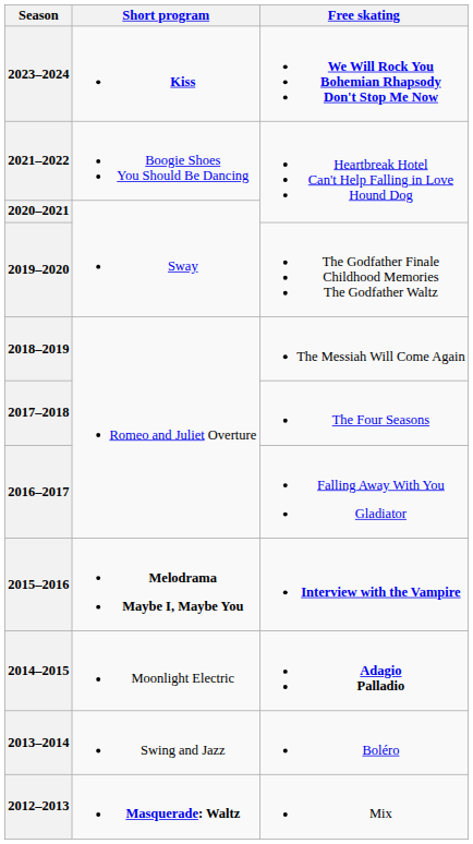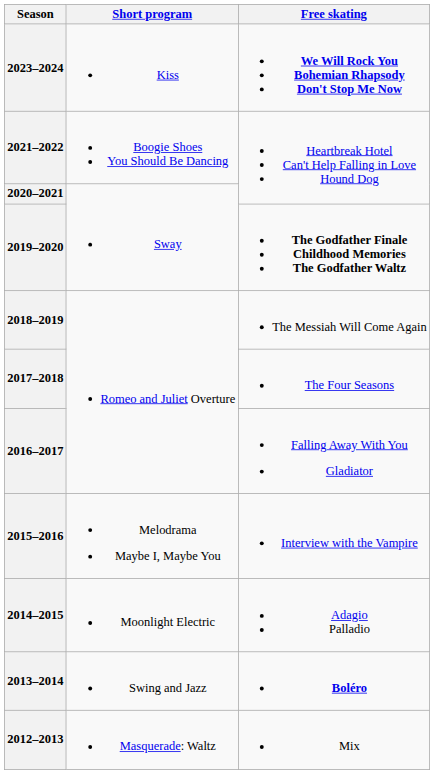 <table class=wikitable style=text-align:center>
 <tr>
 <th>Season</th>
 <th><a href='#'>Short program</a></th>
 <th><a href='#'>Free skating</a></th>
 </tr>
 <tr>
 <th>2023–2024 <br> </th>
-<td><strong><br><ul><li><a href='#'>Kiss</a> <br></li></ul></strong></td>
+<td><br><ul><li><a href='#'>Kiss</a> <br></li></ul></td>
 <td><strong><br><ul><li><a href='#'>We Will Rock You</a></li><li><a href='#'>Bohemian Rhapsody</a></li><li><a href='#'>Don't Stop Me Now</a><br> </li></ul></strong></td>
 </tr>
 <tr>
 <th>2021–2022 <br> </th>
 <td><br><ul><li><a href='#'>Boogie Shoes</a> <br> </li><li><a href='#'>You Should Be Dancing</a> <br> </li></ul></td>
 <td rowspan="2"><br><ul><li><a href='#'>Heartbreak Hotel</a></li><li><a href='#'>Can't Help Falling in Love</a></li><li><a href='#'>Hound Dog</a> <br> </li></ul></td>
 </tr>
 <tr>
 <th>2020–2021 <br> </th>
 <td rowspan="2"><br><ul><li><a href='#'>Sway</a> <br> </li></ul></td>
 </tr>
 <tr>
 <th>2019–2020</th>
-<td><br><ul><li>The Godfather Finale <br> </li><li>Childhood Memories <br> </li><li>The Godfather Waltz <br> </li></ul></td>
+<td><strong><br><ul><li>The Godfather Finale <br> </li><li>Childhood Memories <br> </li><li>The Godfather Waltz <br> </li></ul></strong></td>
 </tr>
 <tr>
 <th>2018–2019</th>
 <td rowspan="3"><br><ul><li><a href='#'>Romeo and Juliet</a> Overture <br> </li></ul></td>
 <td><br><ul><li>The Messiah Will Come Again <br> </li></ul></td>
 </tr>
 <tr>
 <th>2017–2018 <br> </th>
 <td><br><ul><li><a href='#'>The Four Seasons</a> <br></li></ul></td>
 </tr>
 <tr>
 <th>2016–2017 <br> </th>
 <td><br><ul><li><a href='#'>Falling Away With You</a> <br></li></ul><ul><li><a href='#'>Gladiator</a> <br></li></ul></td>
 </tr>
 <tr>
 <th>2015–2016 <br> </th>
-<td><strong><br><ul><li>Melodrama <br></li></ul><ul><li>Maybe I, Maybe You <br></li></ul></strong></td>
-<td><strong><br><ul><li><a href='#'>Interview with the Vampire</a> <br></li></ul></strong></td>
+<td><br><ul><li>Melodrama <br></li></ul><ul><li>Maybe I, Maybe You <br></li></ul></td>
+<td><br><ul><li><a href='#'>Interview with the Vampire</a> <br></li></ul></td>
 </tr>
 <tr>
 <th>2014–2015 <br> </th>
 <td><br><ul><li>Moonlight Electric <br></li></ul></td>
-<td><strong><br><ul><li><a href='#'>Adagio</a> <br></li><li>Palladio <br></li></ul></strong></td>
+<td><br><ul><li><a href='#'>Adagio</a> <br></li><li>Palladio <br></li></ul></td>
 </tr>
 <tr>
 <th>2013–2014 <br> </th>
 <td><br><ul><li>Swing and Jazz</li></ul></td>
-<td><br><ul><li><a href='#'>Boléro</a> <br></li></ul></td>
+<td><strong><br><ul><li><a href='#'>Boléro</a> <br></li></ul></strong></td>
 </tr>
 <tr>
 <th>2012–2013 <br> </th>
-<td><strong><br><ul><li><a href='#'>Masquerade</a>: Waltz <br></li></ul></strong></td>
+<td><br><ul><li><a href='#'>Masquerade</a>: Waltz <br></li></ul></td>
 <td><br><ul><li>Mix</li></ul></td>
 </tr>
 </table>
